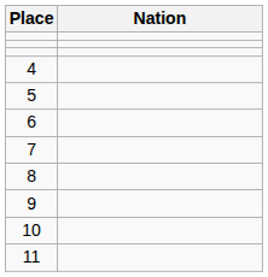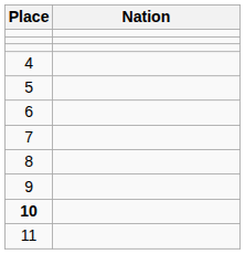 <table class=wikitable style=text-align:center>
 <tr>
 <th width=35>Place</th>
 <th width=185>Nation</th>
 </tr>
 <tr>
 <td></td>
 <td style=text-align:left></td>
 </tr>
 <tr>
 <td></td>
 <td style=text-align:left></td>
 </tr>
 <tr>
 <td></td>
 <td style=text-align:left></td>
 </tr>
 <tr>
 <td>4</td>
 <td style=text-align:left></td>
 </tr>
 <tr>
 <td>5</td>
 <td style=text-align:left></td>
 </tr>
 <tr>
 <td>6</td>
 <td style=text-align:left></td>
 </tr>
 <tr>
 <td>7</td>
 <td style=text-align:left></td>
 </tr>
 <tr>
 <td>8</td>
 <td style=text-align:left></td>
 </tr>
 <tr>
 <td>9</td>
 <td style=text-align:left></td>
 </tr>
 <tr>
-<td>10</td>
+<td><strong>10</strong></td>
 <td style=text-align:left></td>
 </tr>
 <tr>
 <td>11</td>
 <td style=text-align:left></td>
 </tr>
 </table>
